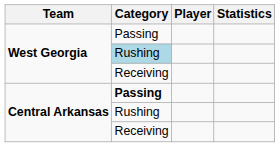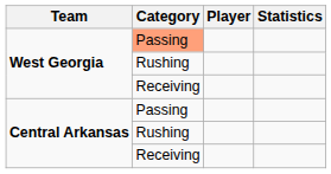 <table class="wikitable" style="float: right;">
 <tr>
 <th>Team</th>
 <th>Category</th>
 <th>Player</th>
 <th>Statistics</th>
 </tr>
 <tr>
 <td rowspan=3><strong>West Georgia</strong></td>
-<td>Passing</td>
+<td style="background: lightsalmon;">Passing</td>
 <td></td>
 <td></td>
 </tr>
 <tr>
-<td style="background: lightblue;">Rushing</td>
+<td>Rushing</td>
 <td></td>
 <td></td>
 </tr>
 <tr>
 <td>Receiving</td>
 <td></td>
 <td></td>
 </tr>
 <tr>
 <td rowspan=3><strong>Central Arkansas</strong></td>
-<td><strong>Passing</strong></td>
+<td>Passing</td>
 <td></td>
 <td></td>
 </tr>
 <tr>
 <td>Rushing</td>
 <td></td>
 <td></td>
 </tr>
 <tr>
 <td>Receiving</td>
 <td></td>
 <td></td>
 </tr>
 </table>
